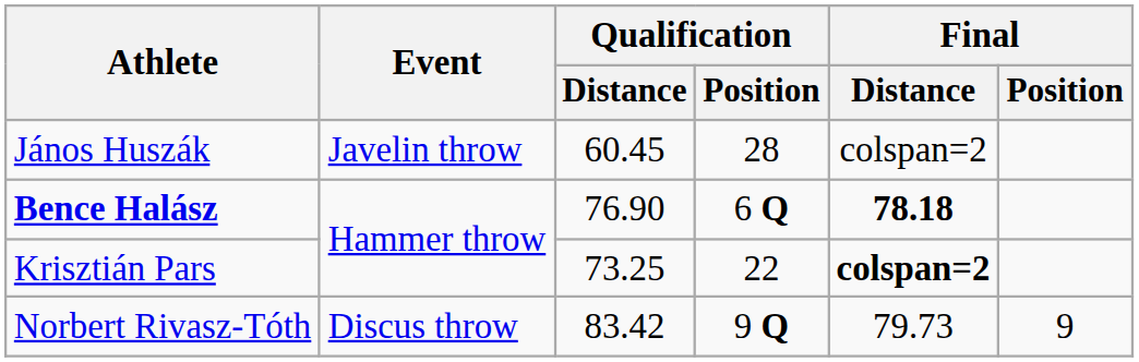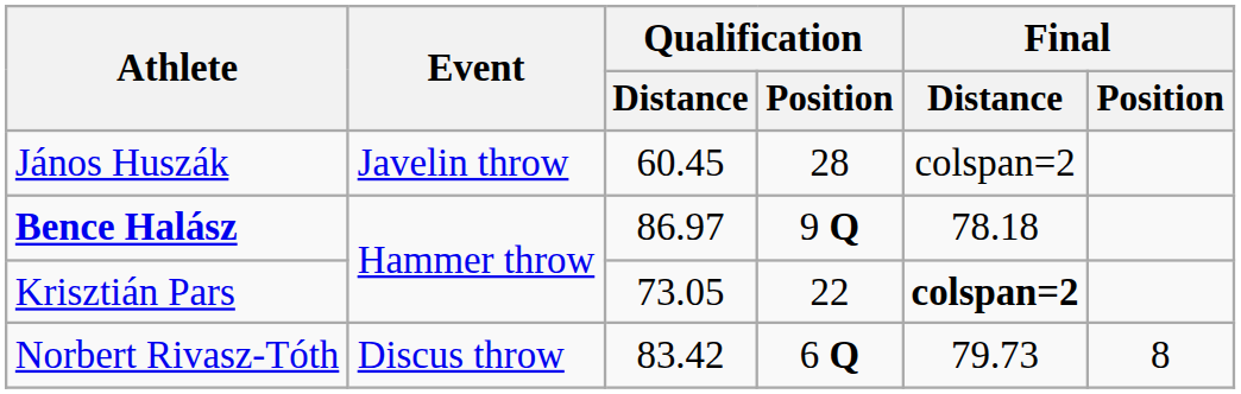 <table class=wikitable style="font-size:90%">
 <tr>
 <th rowspan="2">Athlete</th>
 <th rowspan="2">Event</th>
 <th colspan="2">Qualification</th>
 <th colspan="2">Final</th>
 </tr>
 <tr style="font-size:95%">
 <th>Distance</th>
 <th>Position</th>
 <th>Distance</th>
 <th>Position</th>
 </tr>
 <tr style=text-align:center>
 <td style=text-align:left><a href='#'>János Huszák</a></td>
 <td style=text-align:left><a href='#'>Javelin throw</a></td>
 <td>60.45</td>
 <td>28</td>
 <td>colspan=2 </td>
 </tr>
 <tr style=text-align:center>
 <td style=text-align:left><strong><a href='#'>Bence Halász</a></strong></td>
 <td style=text-align:left rowspan=2><a href='#'>Hammer throw</a></td>
-<td>76.90</td>
-<td>6  <strong>Q</strong></td>
-<td><strong>78.18</strong></td>
+<td>86.97</td>
+<td>9  <strong>Q</strong></td>
+<td>78.18</td>
 <td></td>
 </tr>
 <tr style=text-align:center>
 <td style=text-align:left><a href='#'>Krisztián Pars</a></td>
-<td>73.25</td>
+<td>73.05</td>
 <td>22</td>
 <td><strong>colspan=2 </strong></td>
 </tr>
 <tr style=text-align:center>
 <td style=text-align:left><a href='#'>Norbert Rivasz-Tóth</a></td>
 <td style=text-align:left><a href='#'>Discus throw</a></td>
 <td>83.42</td>
-<td>9  <strong>Q</strong></td>
+<td>6  <strong>Q</strong></td>
 <td>79.73</td>
-<td>9</td>
+<td>8</td>
 </tr>
 </table>
